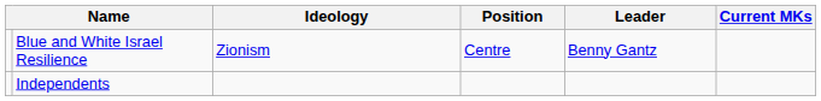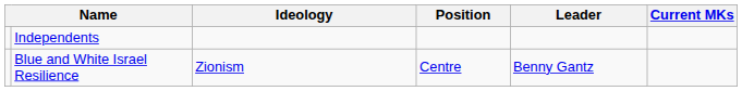 <table class="wikitable">
 <tr>
 <th colspan=2>Name</th>
 <th>Ideology</th>
 <th>Position</th>
 <th>Leader</th>
 <th><a href='#'>Current MKs</a></th>
 </tr>
 <tr>
 <td style="background:"></td>
+<td style="width:200px"><a href='#'>Independents</a></td>
+<td style="width:250px"></td>
+<td style="width:100px"></td>
+<td style="width:150px"></td>
+<td></td>
+</tr>
+<tr>
+<td style="background:"></td>
 <td style="width:200px"><a href='#'>Blue and White Israel Resilience</a></td>
 <td style="width:250px"><a href='#'>Zionism</a></td>
 <td style="width:100px"><a href='#'>Centre</a></td>
 <td style="width:150px"><a href='#'>Benny Gantz</a></td>
 <td></td>
 </tr>
-<tr>
-<td style="background:"></td>
-<td style="width:200px"><a href='#'>Independents</a></td>
-<td style="width:250px"></td>
-<td style="width:100px"></td>
-<td style="width:150px"></td>
-<td></td>
-</tr>
 </table>
